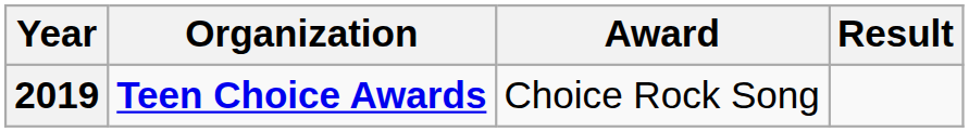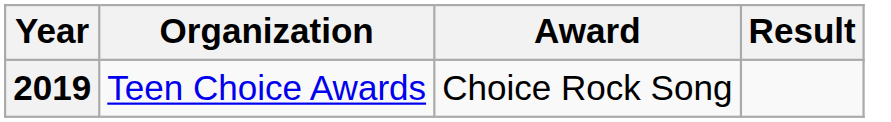 <table class="wikitable sortable plainrowheaders">
 <tr>
 <th scope="col">Year</th>
 <th scope="col">Organization</th>
 <th scope="col">Award</th>
 <th scope="col">Result</th>
 </tr>
 <tr>
 <th scope="row" rowspan="2">2019</th>
-<td><strong><a href='#'>Teen Choice Awards</a></strong></td>
+<td><a href='#'>Teen Choice Awards</a></td>
 <td>Choice Rock Song</td>
 <td></td>
 </tr>
 </table>
